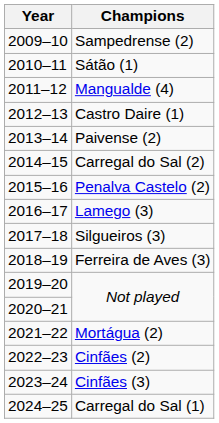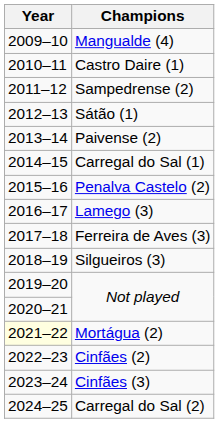 <table class="wikitable" style="text-align:left">
 <tr>
 <th style= width="100px">Year</th>
 <th style= width="400px">Champions</th>
 </tr>
 <tr>
 <td>2009–10</td>
+<td><a href='#'>Mangualde</a> (4)</td>
+</tr>
+<tr>
+<td>2010–11</td>
+<td>Castro Daire (1)</td>
+</tr>
+<tr>
+<td>2011–12</td>
 <td>Sampedrense (2)</td>
 </tr>
 <tr>
-<td>2010–11</td>
+<td>2012–13</td>
 <td>Sátão (1)</td>
-</tr>
-<tr>
-<td>2011–12</td>
-<td><a href='#'>Mangualde</a> (4)</td>
-</tr>
-<tr>
-<td>2012–13</td>
-<td>Castro Daire (1)</td>
 </tr>
 <tr>
 <td>2013–14</td>
 <td>Paivense (2)</td>
 </tr>
 <tr>
 <td>2014–15</td>
-<td>Carregal do Sal (2)</td>
+<td>Carregal do Sal (1)</td>
 </tr>
 <tr>
 <td>2015–16</td>
 <td><a href='#'>Penalva Castelo</a> (2)</td>
 </tr>
 <tr>
 <td>2016–17</td>
 <td><a href='#'>Lamego</a> (3)</td>
 </tr>
 <tr>
 <td>2017–18</td>
-<td>Silgueiros (3)</td>
+<td>Ferreira de Aves (3)</td>
 </tr>
 <tr>
 <td>2018–19</td>
-<td>Ferreira de Aves (3)</td>
+<td>Silgueiros (3)</td>
 </tr>
 <tr>
 <td>2019–20</td>
 <td align=center rowspan=2><em>Not played</em></td>
 </tr>
 <tr>
 <td>2020–21</td>
 </tr>
 <tr>
-<td>2021–22</td>
+<td style="background: lightyellow;">2021–22</td>
 <td><a href='#'>Mortágua</a> (2)</td>
 </tr>
 <tr>
 <td>2022–23</td>
 <td><a href='#'>Cinfães</a> (2)</td>
 </tr>
 <tr>
 <td>2023–24</td>
 <td><a href='#'>Cinfães</a> (3)</td>
 </tr>
 <tr>
 <td>2024–25</td>
-<td>Carregal do Sal (1)</td>
+<td>Carregal do Sal (2)</td>
 </tr>
 </table>
